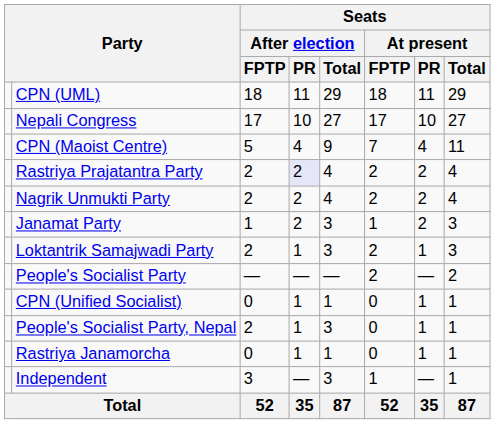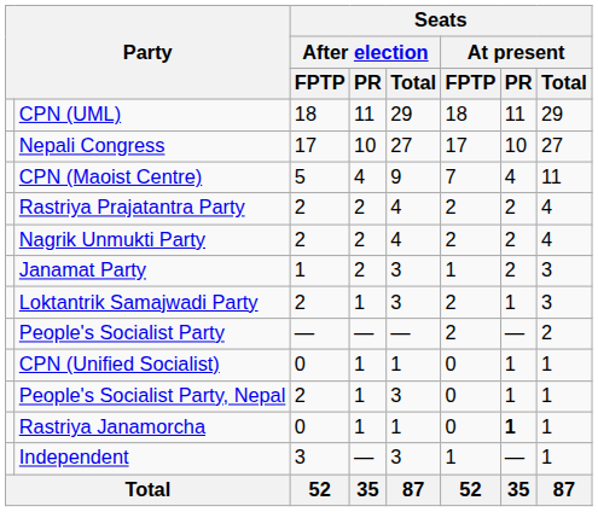 <table class="wikitable">
 <tr>
 <th colspan="2" rowspan="3">Party</th>
 <th colspan="6">Seats</th>
 </tr>
 <tr>
 <th colspan="3">After <a href='#'>election</a></th>
 <th colspan="3">At present</th>
 </tr>
 <tr>
 <th>FPTP</th>
 <th>PR</th>
 <th>Total</th>
 <th>FPTP</th>
 <th>PR</th>
 <th>Total</th>
 </tr>
 <tr>
 <td></td>
 <td><a href='#'>CPN (UML)</a></td>
 <td>18</td>
 <td>11</td>
 <td>29</td>
 <td>18</td>
 <td>11</td>
 <td>29</td>
 </tr>
 <tr>
 <td></td>
 <td><a href='#'>Nepali Congress</a></td>
 <td>17</td>
 <td>10</td>
 <td>27</td>
 <td>17</td>
 <td>10</td>
 <td>27</td>
 </tr>
 <tr>
 <td></td>
 <td><a href='#'>CPN (Maoist Centre)</a></td>
 <td>5</td>
 <td>4</td>
 <td>9</td>
 <td>7</td>
 <td>4</td>
 <td>11</td>
 </tr>
 <tr>
 <td></td>
 <td><a href='#'>Rastriya Prajatantra Party</a></td>
 <td>2</td>
-<td style="background: lavender;">2</td>
+<td>2</td>
 <td>4</td>
 <td>2</td>
 <td>2</td>
 <td>4</td>
 </tr>
 <tr>
 <td></td>
 <td><a href='#'>Nagrik Unmukti Party</a></td>
 <td>2</td>
 <td>2</td>
 <td>4</td>
 <td>2</td>
 <td>2</td>
 <td>4</td>
 </tr>
 <tr>
 <td></td>
 <td><a href='#'>Janamat Party</a></td>
 <td>1</td>
 <td>2</td>
 <td>3</td>
 <td>1</td>
 <td>2</td>
 <td>3</td>
 </tr>
 <tr>
 <td></td>
 <td><a href='#'>Loktantrik Samajwadi Party</a></td>
 <td>2</td>
 <td>1</td>
 <td>3</td>
 <td>2</td>
 <td>1</td>
 <td>3</td>
 </tr>
 <tr>
 <td></td>
 <td><a href='#'>People's Socialist Party</a></td>
 <td>—</td>
 <td>—</td>
 <td>—</td>
 <td>2</td>
 <td>—</td>
 <td>2</td>
 </tr>
 <tr>
 <td></td>
 <td><a href='#'>CPN (Unified Socialist)</a></td>
 <td>0</td>
 <td>1</td>
 <td>1</td>
 <td>0</td>
 <td>1</td>
 <td>1</td>
 </tr>
 <tr>
 <td></td>
 <td><a href='#'>People's Socialist Party, Nepal</a></td>
 <td>2</td>
 <td>1</td>
 <td>3</td>
 <td>0</td>
 <td>1</td>
 <td>1</td>
 </tr>
 <tr>
 <td></td>
 <td><a href='#'>Rastriya Janamorcha</a></td>
 <td>0</td>
 <td>1</td>
 <td>1</td>
 <td>0</td>
-<td>1</td>
+<td><strong>1</strong></td>
 <td>1</td>
 </tr>
 <tr>
 <td></td>
 <td><a href='#'>Independent</a></td>
 <td>3</td>
 <td>—</td>
 <td>3</td>
 <td>1</td>
 <td>—</td>
 <td>1</td>
 </tr>
 <tr>
 <th colspan="2">Total</th>
 <th>52</th>
 <th>35</th>
 <th>87</th>
 <th>52</th>
 <th>35</th>
 <th>87</th>
 </tr>
 </table>
